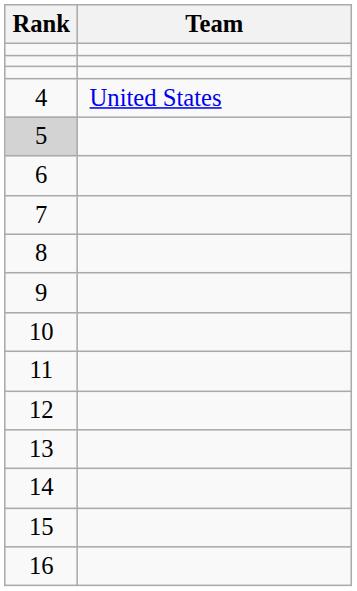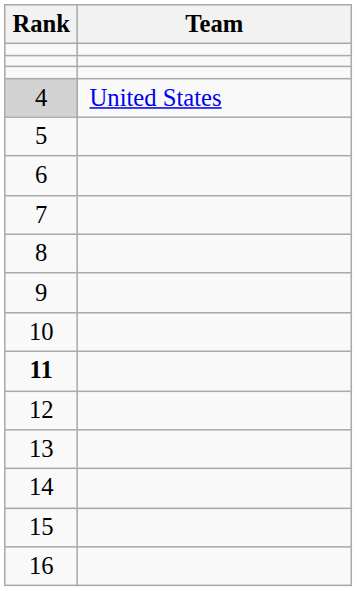 <table class="wikitable" style="text-align:center">
 <tr>
 <th width=40>Rank</th>
 <th width=170>Team</th>
 </tr>
 <tr>
 <td></td>
 <td align=left></td>
 </tr>
 <tr>
 <td></td>
 <td align=left></td>
 </tr>
 <tr>
 <td></td>
 <td align=left></td>
 </tr>
 <tr>
-<td>4</td>
+<td style="background: lightgrey;">4</td>
 <td align=left> <a href='#'>United States</a></td>
 </tr>
 <tr>
-<td style="background: lightgrey;">5</td>
+<td>5</td>
 <td align=left></td>
 </tr>
 <tr>
 <td>6</td>
 <td align=left></td>
 </tr>
 <tr>
 <td>7</td>
 <td align=left></td>
 </tr>
 <tr>
 <td>8</td>
 <td align=left></td>
 </tr>
 <tr>
 <td>9</td>
 <td align=left></td>
 </tr>
 <tr>
 <td>10</td>
 <td align=left></td>
 </tr>
 <tr>
-<td>11</td>
+<td><strong>11</strong></td>
 <td align=left></td>
 </tr>
 <tr>
 <td>12</td>
 <td align=left></td>
 </tr>
 <tr>
 <td>13</td>
 <td align=left></td>
 </tr>
 <tr>
 <td>14</td>
 <td align=left></td>
 </tr>
 <tr>
 <td>15</td>
 <td align=left></td>
 </tr>
 <tr>
 <td>16</td>
 <td align=left></td>
 </tr>
 </table>
